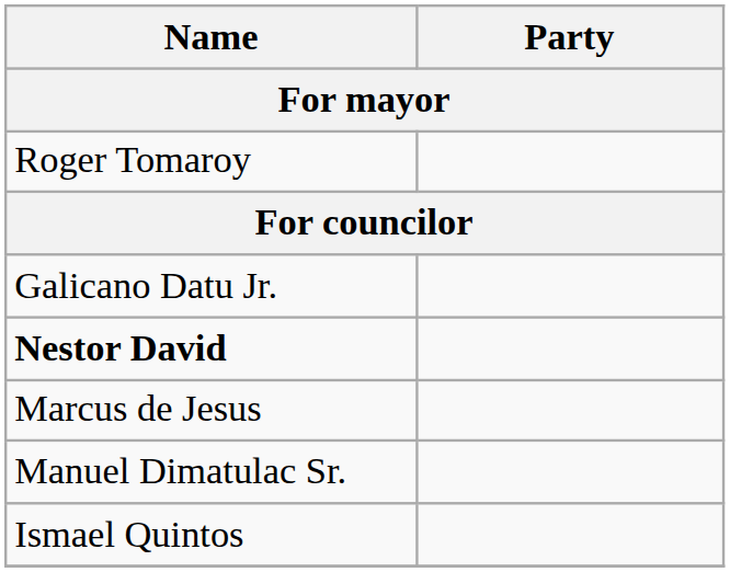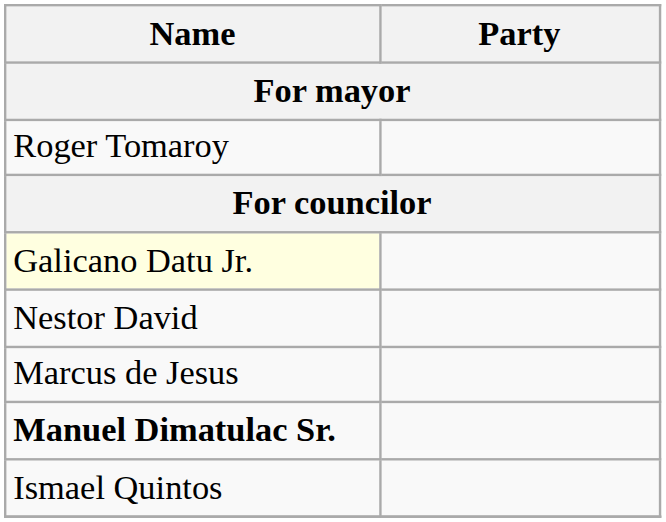 <table class=wikitable style="font-size:90%">
 <tr>
 <th width=150px>Name</th>
 <th colspan=2 width=110px>Party</th>
 </tr>
 <tr>
 <th colspan=3>For mayor</th>
 </tr>
 <tr>
 <td>Roger Tomaroy</td>
 <td></td>
 </tr>
 <tr>
 <th colspan=3>For councilor</th>
 </tr>
 <tr>
-<td>Galicano Datu Jr.</td>
+<td style="background: lightyellow;">Galicano Datu Jr.</td>
 <td></td>
 </tr>
 <tr>
-<td><strong>Nestor David</strong></td>
+<td>Nestor David</td>
 <td></td>
 </tr>
 <tr>
 <td>Marcus de Jesus</td>
 <td></td>
 </tr>
 <tr>
-<td>Manuel Dimatulac Sr.</td>
+<td><strong>Manuel Dimatulac Sr.</strong></td>
 <td></td>
 </tr>
 <tr>
 <td>Ismael Quintos</td>
 <td></td>
 </tr>
 <tr>
 </tr>
 </table>
